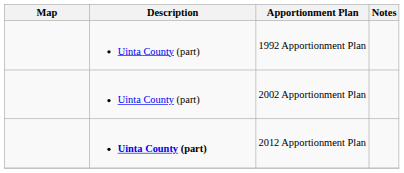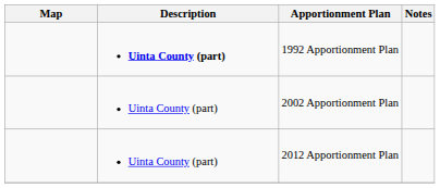 <table class="wikitable sortable">
 <tr>
 <th style="width:100pt;">Map</th>
 <th style="width:200pt;">Description</th>
 <th style="width:130pt;">Apportionment Plan</th>
 <th style="width:15pt;">Notes</th>
 </tr>
 <tr>
 <td></td>
-<td><br><ul><li><a href='#'>Uinta County</a> (part)</li></ul></td>
+<td><strong><br><ul><li><a href='#'>Uinta County</a> (part)</li></ul></strong></td>
 <td>1992 Apportionment Plan</td>
 <td></td>
 </tr>
 <tr>
 <td></td>
 <td><br><ul><li><a href='#'>Uinta County</a> (part)</li></ul></td>
 <td>2002 Apportionment Plan</td>
 <td></td>
 </tr>
 <tr>
 <td></td>
-<td><strong><br><ul><li><a href='#'>Uinta County</a> (part)</li></ul></strong></td>
+<td><br><ul><li><a href='#'>Uinta County</a> (part)</li></ul></td>
 <td>2012 Apportionment Plan</td>
 <td></td>
 </tr>
 <tr>
 </tr>
 </table>
